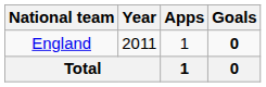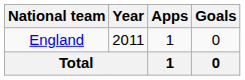 <table class=wikitable style=text-align:center>
 <tr>
 <th>National team</th>
 <th>Year</th>
 <th>Apps</th>
 <th>Goals</th>
 </tr>
 <tr>
 <td><a href='#'>England</a></td>
 <td>2011</td>
 <td>1</td>
-<td><strong>0</strong></td>
+<td>0</td>
 </tr>
 <tr>
 <th colspan=2>Total</th>
 <th>1</th>
 <th>0</th>
 </tr>
 </table>
